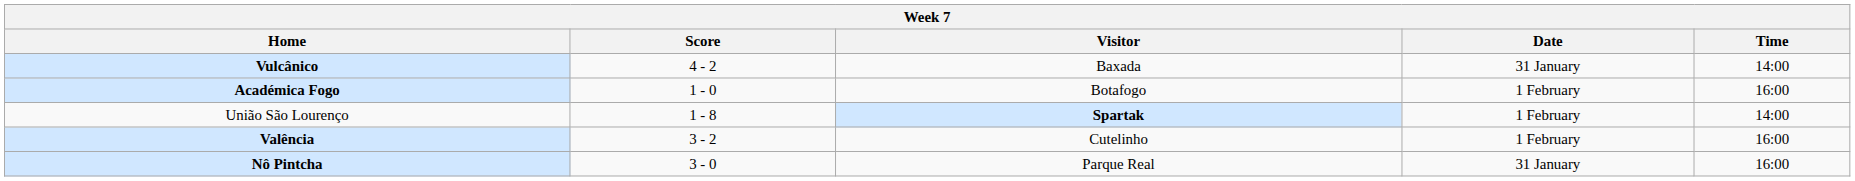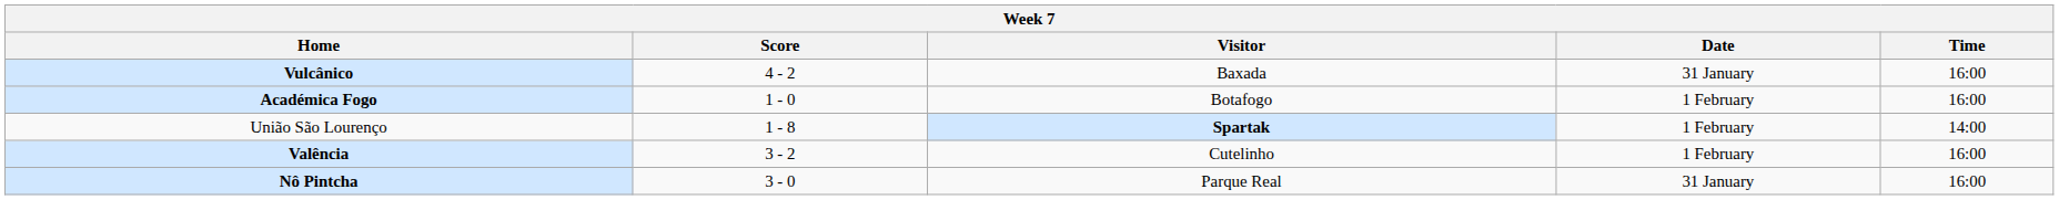 <table class="wikitable" style="margin:1em auto; font-size:95%; text-align: center; width: 95%;">
 <tr>
 <th colspan="12"  style="with:100%;">Week 7</th>
 </tr>
 <tr>
 <th style="width:200px;">Home</th>
 <th width="90">Score</th>
 <th style="width:200px;">Visitor</th>
 <th style="width:100px;">Date</th>
 <th style="width:50px;">Time</th>
 </tr>
 <tr>
 <td bgcolor=#D0E7FF><strong>Vulcânico</strong></td>
 <td>4 - 2</td>
 <td>Baxada</td>
 <td>31 January</td>
-<td>14:00</td>
+<td>16:00</td>
 </tr>
 <tr>
 <td bgcolor=#D0E7FF><strong>Académica Fogo</strong></td>
 <td>1 - 0</td>
 <td>Botafogo</td>
 <td>1 February</td>
 <td>16:00</td>
 </tr>
 <tr>
 <td>União São Lourenço</td>
 <td>1 - 8</td>
 <td bgcolor=#D0E7FF><strong>Spartak</strong></td>
 <td>1 February</td>
 <td>14:00</td>
 </tr>
 <tr>
 <td bgcolor=#D0E7FF><strong>Valência</strong></td>
 <td>3 - 2</td>
 <td>Cutelinho</td>
 <td>1 February</td>
 <td>16:00</td>
 </tr>
 <tr>
 <td bgcolor=#D0E7FF><strong>Nô Pintcha</strong></td>
 <td>3 - 0</td>
 <td>Parque Real</td>
 <td>31 January</td>
 <td>16:00</td>
 </tr>
 </table>
